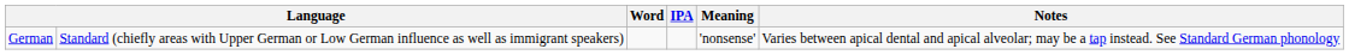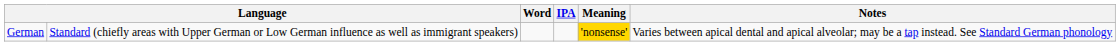 <table class="wikitable">
 <tr>
 <th colspan="2">Language</th>
 <th>Word</th>
 <th><a href='#'>IPA</a></th>
 <th>Meaning</th>
 <th>Notes</th>
 </tr>
 <tr>
 <td><a href='#'>German</a></td>
 <td><a href='#'>Standard</a>  (chiefly areas with Upper German or Low German influence as well as immigrant speakers)</td>
 <td></td>
 <td></td>
-<td>'nonsense'</td>
+<td style="background: gold;">'nonsense'</td>
 <td>Varies between apical dental and apical alveolar; may be a <a href='#'>tap</a> instead. See <a href='#'>Standard German phonology</a></td>
 </tr>
 </table>
